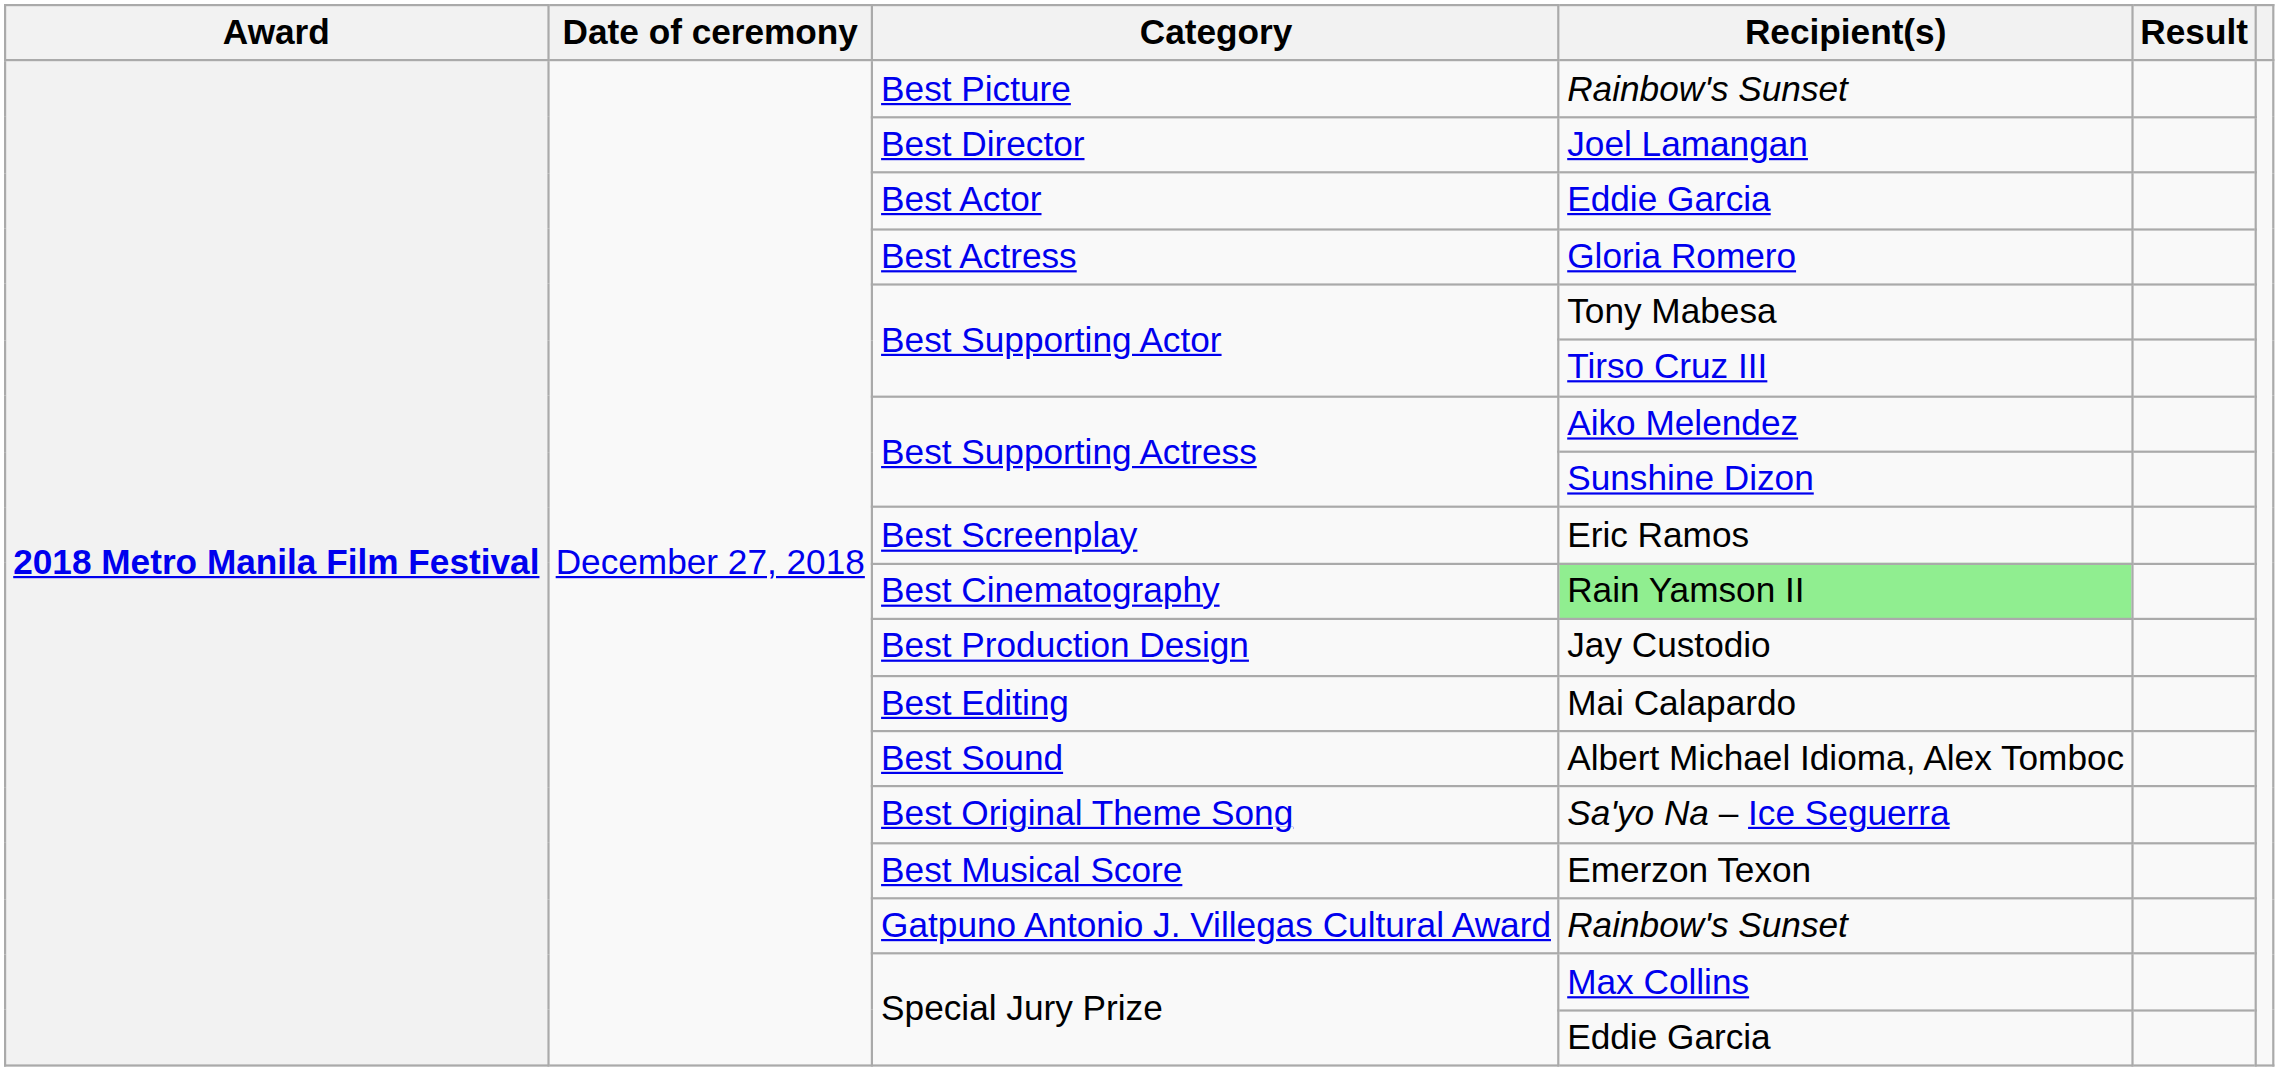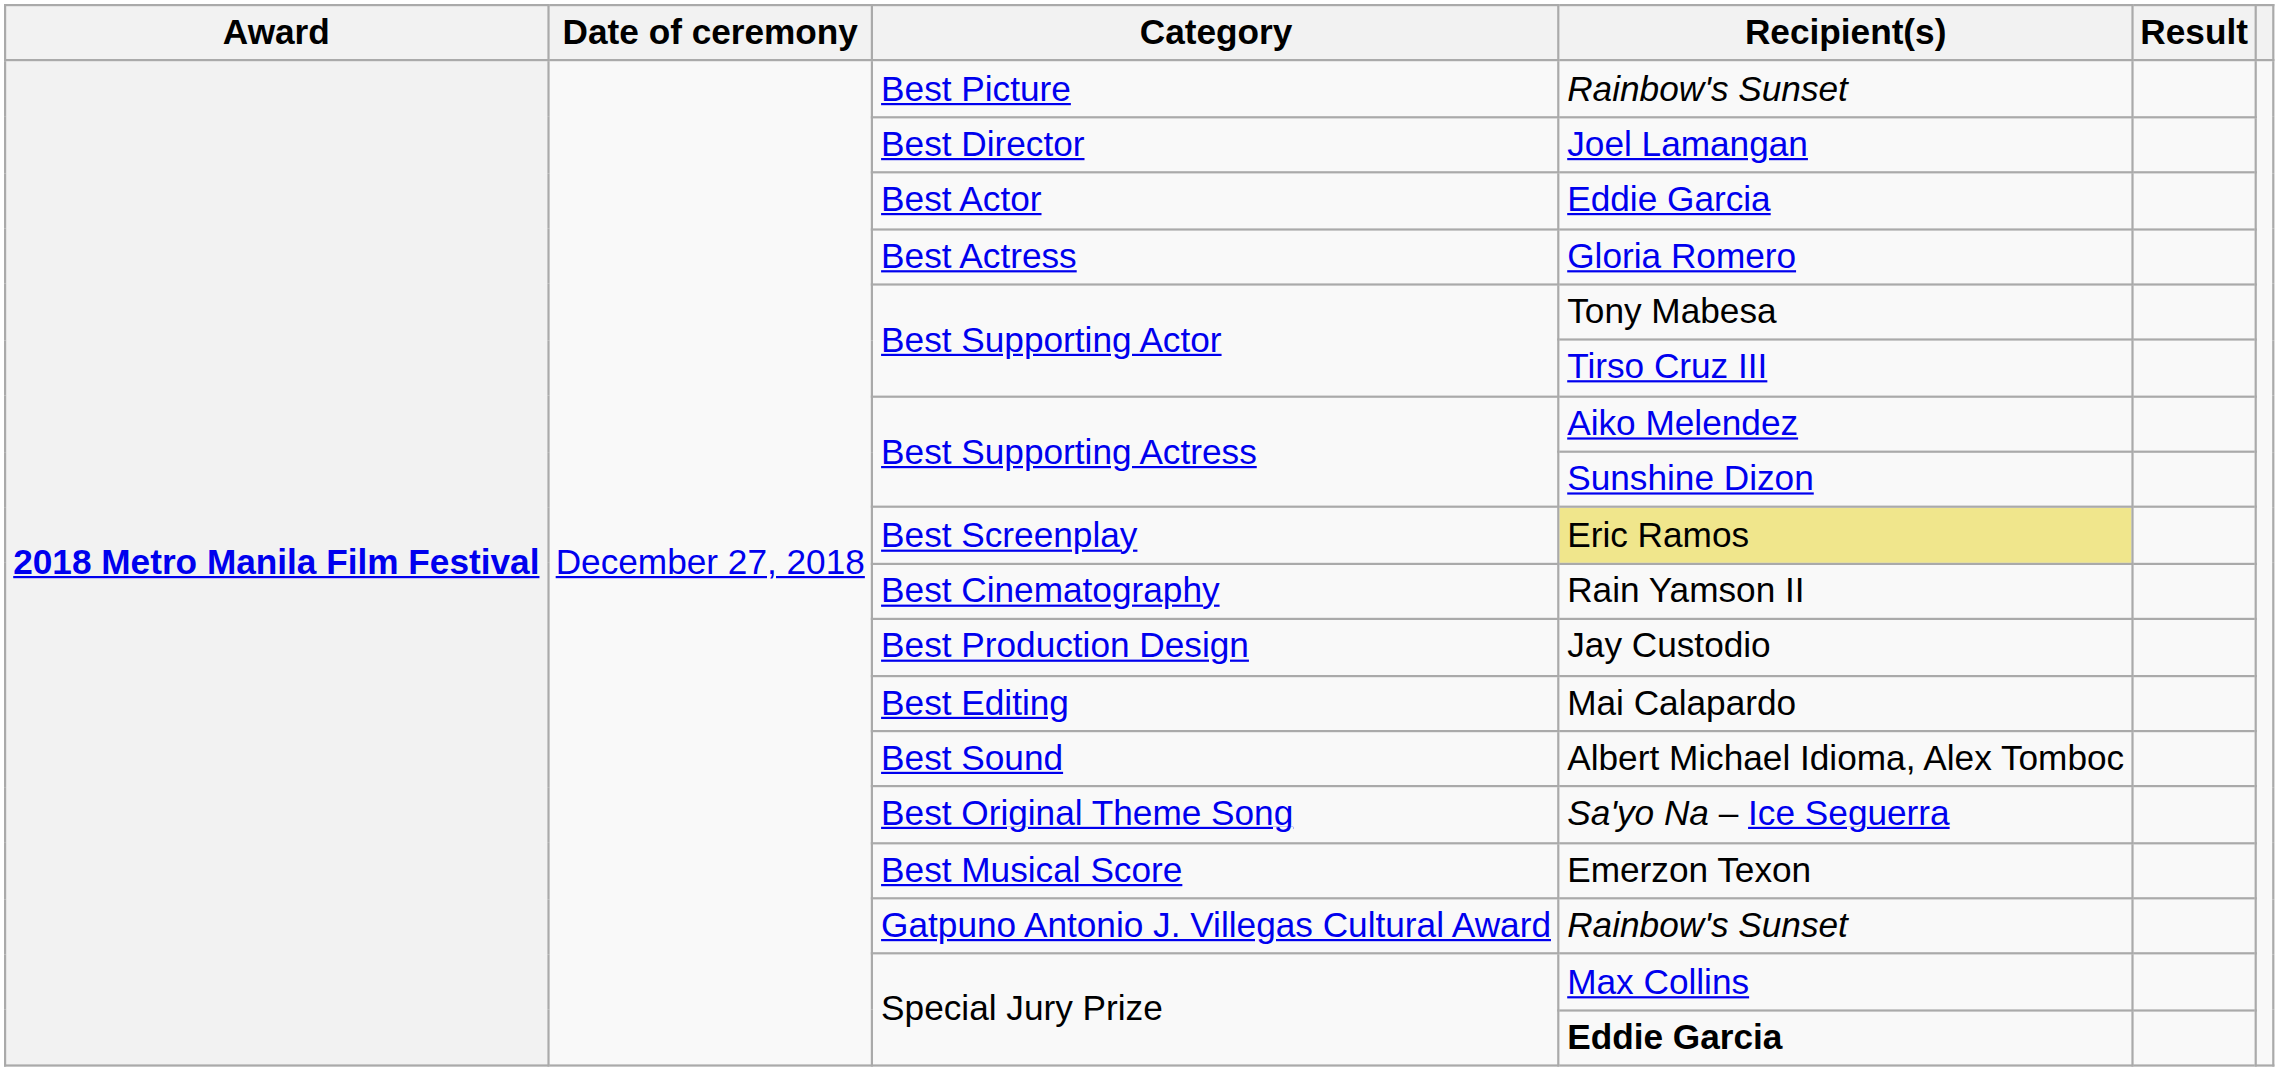 <table class="wikitable sortable plainrowheaders">
 <tr>
 <th scope="col">Award</th>
 <th scope="col" data-sort-type="date">Date of ceremony</th>
 <th scope="col">Category</th>
 <th scope="col">Recipient(s)</th>
 <th scope="col">Result</th>
 <th scope="col" class="unsortable"></th>
 </tr>
 <tr>
 <th scope="row" rowspan="18"><a href='#'>2018 Metro Manila Film Festival</a></th>
 <td rowspan="18"><a href='#'>December 27, 2018</a></td>
 <td><a href='#'>Best Picture</a></td>
 <td><em>Rainbow's Sunset</em></td>
 <td></td>
 <td rowspan="18"></td>
 </tr>
 <tr>
 <td><a href='#'>Best Director</a></td>
 <td><a href='#'>Joel Lamangan</a></td>
 <td></td>
 </tr>
 <tr>
 <td><a href='#'>Best Actor</a></td>
 <td><a href='#'>Eddie Garcia</a></td>
 <td></td>
 </tr>
 <tr>
 <td><a href='#'>Best Actress</a></td>
 <td><a href='#'>Gloria Romero</a></td>
 <td></td>
 </tr>
 <tr>
 <td rowspan="2"><a href='#'>Best Supporting Actor</a></td>
 <td>Tony Mabesa</td>
 <td></td>
 </tr>
 <tr>
 <td><a href='#'>Tirso Cruz III</a></td>
 <td></td>
 </tr>
 <tr>
 <td rowspan="2"><a href='#'>Best Supporting Actress</a></td>
 <td><a href='#'>Aiko Melendez</a></td>
 <td></td>
 </tr>
 <tr>
 <td><a href='#'>Sunshine Dizon</a></td>
 <td></td>
 </tr>
 <tr>
 <td><a href='#'>Best Screenplay</a></td>
-<td>Eric Ramos</td>
+<td style="background: khaki;">Eric Ramos</td>
 <td></td>
 </tr>
 <tr>
 <td><a href='#'>Best Cinematography</a></td>
-<td style="background: lightgreen;">Rain Yamson II</td>
+<td>Rain Yamson II</td>
 <td></td>
 </tr>
 <tr>
 <td><a href='#'>Best Production Design</a></td>
 <td>Jay Custodio</td>
 <td></td>
 </tr>
 <tr>
 <td><a href='#'>Best Editing</a></td>
 <td>Mai Calapardo</td>
 <td></td>
 </tr>
 <tr>
 <td><a href='#'>Best Sound</a></td>
 <td>Albert Michael Idioma, Alex Tomboc</td>
 <td></td>
 </tr>
 <tr>
 <td><a href='#'>Best Original Theme Song</a></td>
 <td><em>Sa'yo Na</em> – <a href='#'>Ice Seguerra</a></td>
 <td></td>
 </tr>
 <tr>
 <td><a href='#'>Best Musical Score</a></td>
 <td>Emerzon Texon</td>
 <td></td>
 </tr>
 <tr>
 <td><a href='#'>Gatpuno Antonio J. Villegas Cultural Award</a></td>
 <td><em>Rainbow's Sunset</em></td>
 <td></td>
 </tr>
 <tr>
 <td rowspan="2">Special Jury Prize</td>
 <td><a href='#'>Max Collins</a></td>
 <td></td>
 </tr>
 <tr>
-<td>Eddie Garcia</td>
+<td><strong>Eddie Garcia</strong></td>
 <td></td>
 </tr>
 </table>
